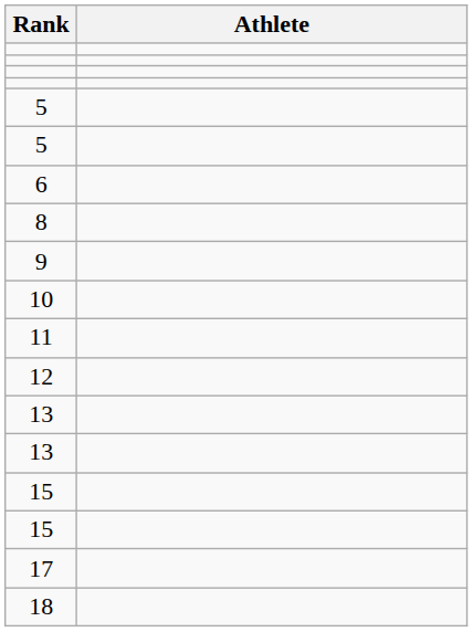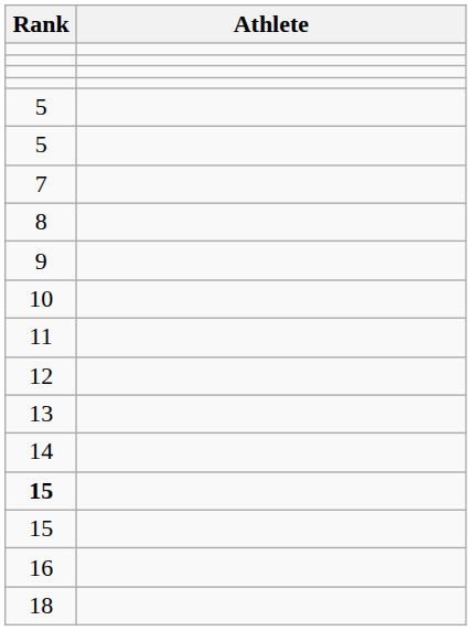 <table class="wikitable" style="text-align: center;">
 <tr>
 <th width=40>Rank</th>
 <th width=250>Athlete</th>
 </tr>
 <tr>
 <td></td>
 <td align="left"></td>
 </tr>
 <tr>
 <td></td>
 <td align="left"></td>
 </tr>
 <tr>
 <td></td>
 <td align="left"></td>
 </tr>
 <tr>
 <td></td>
 <td align="left"></td>
 </tr>
 <tr>
 <td>5</td>
 <td align="left"></td>
 </tr>
 <tr>
 <td>5</td>
 <td align="left"></td>
 </tr>
 <tr>
-<td>6</td>
+<td>7</td>
 <td align="left"></td>
 </tr>
 <tr>
 <td>8</td>
 <td align="left"></td>
 </tr>
 <tr>
 <td>9</td>
 <td align="left"></td>
 </tr>
 <tr>
 <td>10</td>
 <td align="left"></td>
 </tr>
 <tr>
 <td>11</td>
 <td align="left"></td>
 </tr>
 <tr>
 <td>12</td>
 <td align="left"></td>
 </tr>
 <tr>
 <td>13</td>
 <td align="left"></td>
 </tr>
 <tr>
-<td>13</td>
+<td>14</td>
+<td align="left"></td>
+</tr>
+<tr>
+<td><strong>15</strong></td>
 <td align="left"></td>
 </tr>
 <tr>
 <td>15</td>
 <td align="left"></td>
 </tr>
 <tr>
-<td>15</td>
-<td align="left"></td>
-</tr>
-<tr>
-<td>17</td>
+<td>16</td>
 <td align="left"></td>
 </tr>
 <tr>
 <td>18</td>
 <td align="left"></td>
 </tr>
 </table>
